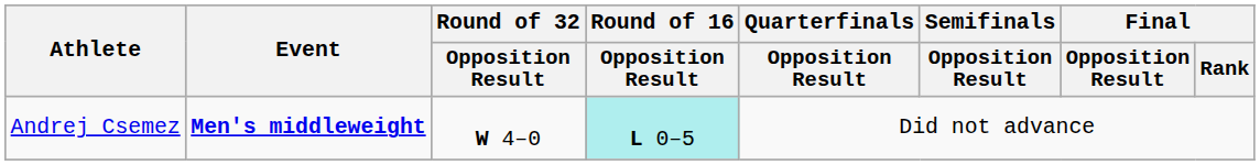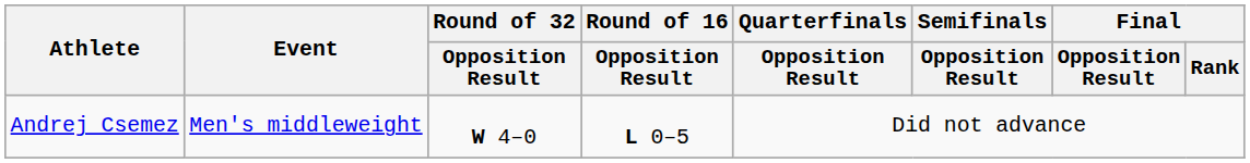 <table class="wikitable" style="font-size:90%">
 <tr>
 <th rowspan="2">Athlete</th>
 <th rowspan="2">Event</th>
 <th>Round of 32</th>
 <th>Round of 16</th>
 <th>Quarterfinals</th>
 <th>Semifinals</th>
 <th colspan=2>Final</th>
 </tr>
 <tr style="font-size:95%">
 <th>Opposition<br>Result</th>
 <th>Opposition<br>Result</th>
 <th>Opposition<br>Result</th>
 <th>Opposition<br>Result</th>
 <th>Opposition<br>Result</th>
 <th>Rank</th>
 </tr>
 <tr align=center>
 <td align=left><a href='#'>Andrej Csemez</a></td>
-<td align=left><strong><a href='#'>Men's middleweight</a></strong></td>
+<td align=left><a href='#'>Men's middleweight</a></td>
 <td><br><strong>W</strong> 4–0</td>
-<td style="background: paleturquoise;"><br><strong>L</strong> 0–5</td>
+<td><br><strong>L</strong> 0–5</td>
 <td colspan=4>Did not advance</td>
 </tr>
 </table>
